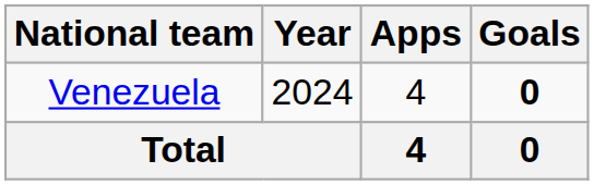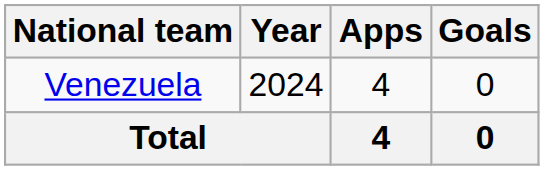 <table class="wikitable" style="text-align:center">
 <tr>
 <th>National team</th>
 <th>Year</th>
 <th>Apps</th>
 <th>Goals</th>
 </tr>
 <tr>
 <td rowspan="1"><a href='#'>Venezuela</a></td>
 <td>2024</td>
 <td>4</td>
-<td><strong>0</strong></td>
+<td>0</td>
 </tr>
 <tr>
 <th colspan="2">Total</th>
 <th>4</th>
 <th>0</th>
 </tr>
 </table>
